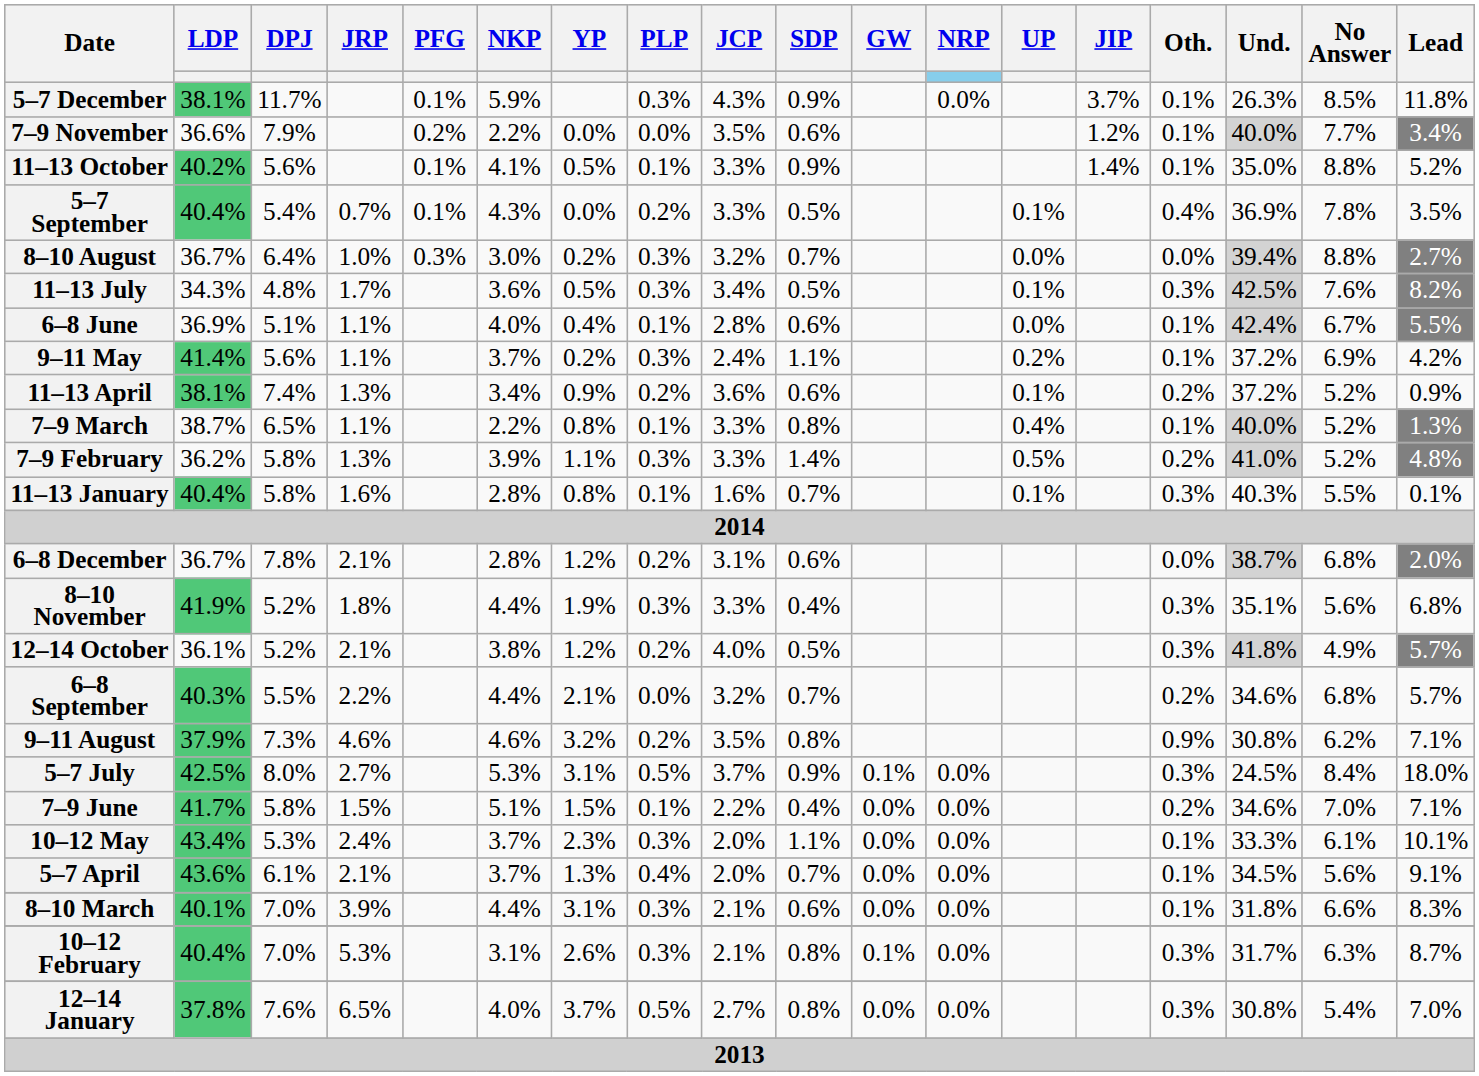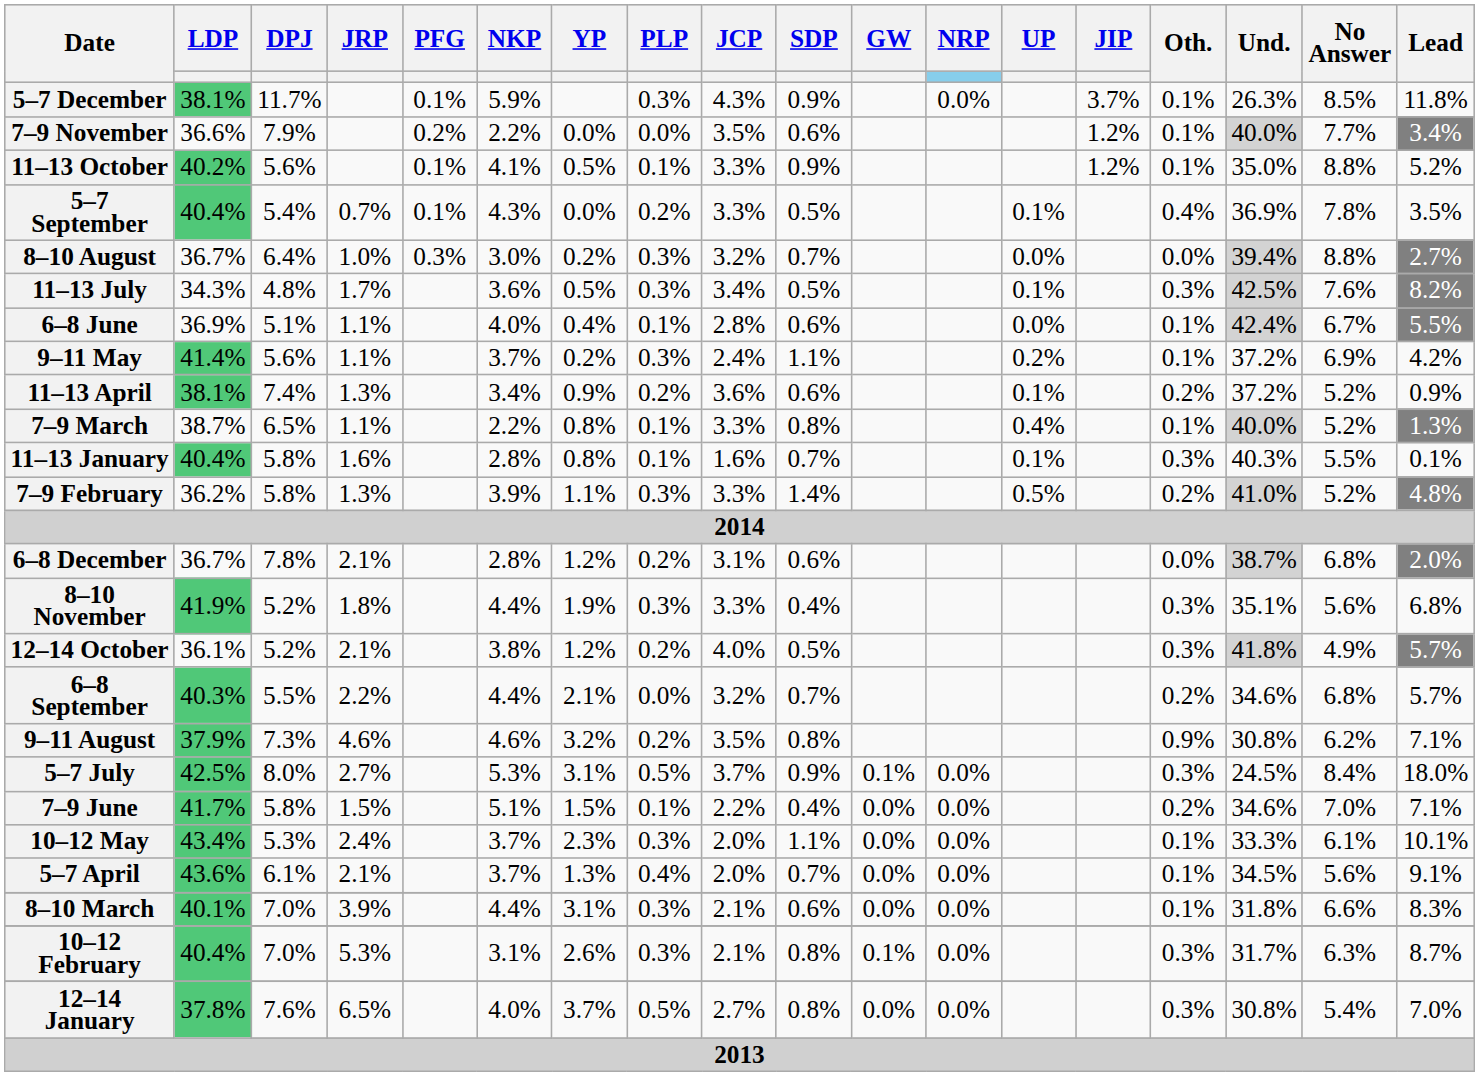 <table class="wikitable collapsible collapsed" style="text-align:center;font-size:100%;line-height:14px">
 <tr style="height:42px;">
 <th style="width:100px;" rowspan="2">Date</th>
 <th style="width:40px;"><a href='#'>LDP</a></th>
 <th style="width:40px;"><a href='#'>DPJ</a></th>
 <th style="width:40px;"><a href='#'>JRP</a></th>
 <th style="width:40px;"><a href='#'>PFG</a></th>
 <th style="width:40px;"><a href='#'>NKP</a></th>
 <th style="width:40px;"><a href='#'>YP</a></th>
 <th style="width:40px;"><a href='#'>PLP</a></th>
 <th style="width:40px;"><a href='#'>JCP</a></th>
 <th style="width:40px;"><a href='#'>SDP</a></th>
 <th style="width:40px;"><a href='#'>GW</a></th>
 <th style="width:40px;"><a href='#'>NRP</a></th>
 <th style="width:40px;"><a href='#'>UP</a></th>
 <th style="width:40px;"><a href='#'>JIP</a></th>
 <th style="width:40px;" rowspan="2">Oth.</th>
 <th style="width:40px;" rowspan="2">Und.</th>
 <th style="width:40px;" rowspan="2">No<br>Answer</th>
 <th style="width:40px;" rowspan="2">Lead</th>
 </tr>
 <tr>
 <th style="color:inherit;background:"></th>
 <th style="color:inherit;background:"></th>
 <th style="color:inherit;background:"></th>
 <th style="color:inherit;background:"></th>
 <th style="color:inherit;background:"></th>
 <th style="color:inherit;background:"></th>
 <th style="color:inherit;background:"></th>
 <th style="color:inherit;background:"></th>
 <th style="color:inherit;background:"></th>
 <th style="color:inherit;background:"></th>
 <th style="color:inherit;background:skyblue"></th>
 <th style="color:inherit;background:"></th>
 <th style="color:inherit;background:"></th>
 </tr>
 <tr>
 <th>5–7 December</th>
 <td style="background:#50C878;">38.1%</td>
 <td>11.7%</td>
 <td></td>
 <td>0.1%</td>
 <td>5.9%</td>
 <td></td>
 <td>0.3%</td>
 <td>4.3%</td>
 <td>0.9%</td>
 <td></td>
 <td>0.0%</td>
 <td></td>
 <td>3.7%</td>
 <td>0.1%</td>
 <td>26.3%</td>
 <td>8.5%</td>
 <td style="background:">11.8%</td>
 </tr>
 <tr class="hintergrundfarbe2" style="text-align:center">
 <th>7–9 November</th>
 <td>36.6%</td>
 <td>7.9%</td>
 <td></td>
 <td>0.2%</td>
 <td>2.2%</td>
 <td>0.0%</td>
 <td>0.0%</td>
 <td>3.5%</td>
 <td>0.6%</td>
 <td></td>
 <td></td>
 <td></td>
 <td>1.2%</td>
 <td>0.1%</td>
 <td style="background:#d3d3d3;">40.0%</td>
 <td>7.7%</td>
 <td style="background:gray; color:white">3.4%</td>
 </tr>
 <tr class="hintergrundfarbe2" style="text-align:center">
 <th>11–13 October</th>
 <td style="background:#50C878;">40.2%</td>
 <td>5.6%</td>
 <td></td>
 <td>0.1%</td>
 <td>4.1%</td>
 <td>0.5%</td>
 <td>0.1%</td>
 <td>3.3%</td>
 <td>0.9%</td>
 <td></td>
 <td></td>
 <td></td>
-<td>1.4%</td>
+<td>1.2%</td>
 <td>0.1%</td>
 <td>35.0%</td>
 <td>8.8%</td>
 <td style="background:">5.2%</td>
 </tr>
 <tr class="hintergrundfarbe2" style="text-align:center">
 <th>5–7 September</th>
 <td style="background:#50C878;">40.4%</td>
 <td>5.4%</td>
 <td>0.7%</td>
 <td>0.1%</td>
 <td>4.3%</td>
 <td>0.0%</td>
 <td>0.2%</td>
 <td>3.3%</td>
 <td>0.5%</td>
 <td></td>
 <td></td>
 <td>0.1%</td>
 <td></td>
 <td>0.4%</td>
 <td>36.9%</td>
 <td>7.8%</td>
 <td style="background:">3.5%</td>
 </tr>
 <tr class="hintergrundfarbe2" style="text-align:center">
 <th>8–10 August</th>
 <td>36.7%</td>
 <td>6.4%</td>
 <td>1.0%</td>
 <td>0.3%</td>
 <td>3.0%</td>
 <td>0.2%</td>
 <td>0.3%</td>
 <td>3.2%</td>
 <td>0.7%</td>
 <td></td>
 <td></td>
 <td>0.0%</td>
 <td></td>
 <td>0.0%</td>
 <td style="background:#d3d3d3;">39.4%</td>
 <td>8.8%</td>
 <td style="background:gray; color:white">2.7%</td>
 </tr>
 <tr class="hintergrundfarbe2" style="text-align:center">
 <th>11–13 July</th>
 <td>34.3%</td>
 <td>4.8%</td>
 <td>1.7%</td>
 <td></td>
 <td>3.6%</td>
 <td>0.5%</td>
 <td>0.3%</td>
 <td>3.4%</td>
 <td>0.5%</td>
 <td></td>
 <td></td>
 <td>0.1%</td>
 <td></td>
 <td>0.3%</td>
 <td style="background:#d3d3d3;">42.5%</td>
 <td>7.6%</td>
 <td style="background:gray; color:white">8.2%</td>
 </tr>
 <tr class="hintergrundfarbe2" style="text-align:center">
 <th>6–8 June</th>
 <td>36.9%</td>
 <td>5.1%</td>
 <td>1.1%</td>
 <td></td>
 <td>4.0%</td>
 <td>0.4%</td>
 <td>0.1%</td>
 <td>2.8%</td>
 <td>0.6%</td>
 <td></td>
 <td></td>
 <td>0.0%</td>
 <td></td>
 <td>0.1%</td>
 <td style="background:#d3d3d3;">42.4%</td>
 <td>6.7%</td>
 <td style="background:gray; color:white">5.5%</td>
 </tr>
 <tr class="hintergrundfarbe2" style="text-align:center">
 <th>9–11 May</th>
 <td style="background:#50C878;">41.4%</td>
 <td>5.6%</td>
 <td>1.1%</td>
 <td></td>
 <td>3.7%</td>
 <td>0.2%</td>
 <td>0.3%</td>
 <td>2.4%</td>
 <td>1.1%</td>
 <td></td>
 <td></td>
 <td>0.2%</td>
 <td></td>
 <td>0.1%</td>
 <td>37.2%</td>
 <td>6.9%</td>
 <td style="background:">4.2%</td>
 </tr>
 <tr class="hintergrundfarbe2" style="text-align:center">
 <th>11–13 April</th>
 <td style="background:#50C878;">38.1%</td>
 <td>7.4%</td>
 <td>1.3%</td>
 <td></td>
 <td>3.4%</td>
 <td>0.9%</td>
 <td>0.2%</td>
 <td>3.6%</td>
 <td>0.6%</td>
 <td></td>
 <td></td>
 <td>0.1%</td>
 <td></td>
 <td>0.2%</td>
 <td>37.2%</td>
 <td>5.2%</td>
 <td style="background:">0.9%</td>
 </tr>
 <tr class="hintergrundfarbe2" style="text-align:center">
 <th>7–9 March</th>
 <td>38.7%</td>
 <td>6.5%</td>
 <td>1.1%</td>
 <td></td>
 <td>2.2%</td>
 <td>0.8%</td>
 <td>0.1%</td>
 <td>3.3%</td>
 <td>0.8%</td>
 <td></td>
 <td></td>
 <td>0.4%</td>
 <td></td>
 <td>0.1%</td>
 <td style="background:#d3d3d3;">40.0%</td>
 <td>5.2%</td>
 <td style="background:gray; color:white">1.3%</td>
 </tr>
 <tr class="hintergrundfarbe2" style="text-align:center">
+<th>11–13 January</th>
+<td style="background:#50C878;">40.4%</td>
+<td>5.8%</td>
+<td>1.6%</td>
+<td></td>
+<td>2.8%</td>
+<td>0.8%</td>
+<td>0.1%</td>
+<td>1.6%</td>
+<td>0.7%</td>
+<td></td>
+<td></td>
+<td>0.1%</td>
+<td></td>
+<td>0.3%</td>
+<td>40.3%</td>
+<td>5.5%</td>
+<td style="background:">0.1%</td>
+</tr>
+<tr class="hintergrundfarbe2" style="text-align:center">
 <th>7–9 February</th>
 <td>36.2%</td>
 <td>5.8%</td>
 <td>1.3%</td>
 <td></td>
 <td>3.9%</td>
 <td>1.1%</td>
 <td>0.3%</td>
 <td>3.3%</td>
 <td>1.4%</td>
 <td></td>
 <td></td>
 <td>0.5%</td>
 <td></td>
 <td>0.2%</td>
 <td style="background:#d3d3d3;">41.0%</td>
 <td>5.2%</td>
 <td style="background:gray; color:white">4.8%</td>
-</tr>
-<tr class="hintergrundfarbe2" style="text-align:center">
-<th>11–13 January</th>
-<td style="background:#50C878;">40.4%</td>
-<td>5.8%</td>
-<td>1.6%</td>
-<td></td>
-<td>2.8%</td>
-<td>0.8%</td>
-<td>0.1%</td>
-<td>1.6%</td>
-<td>0.7%</td>
-<td></td>
-<td></td>
-<td>0.1%</td>
-<td></td>
-<td>0.3%</td>
-<td>40.3%</td>
-<td>5.5%</td>
-<td style="background:">0.1%</td>
 </tr>
 <tr>
 <td colspan="18" style="background:#D0D0D0; color:black"><strong>2014</strong></td>
 </tr>
 <tr class="hintergrundfarbe2" style="text-align:center">
 <th>6–8 December</th>
 <td>36.7%</td>
 <td>7.8%</td>
 <td>2.1%</td>
 <td></td>
 <td>2.8%</td>
 <td>1.2%</td>
 <td>0.2%</td>
 <td>3.1%</td>
 <td>0.6%</td>
 <td></td>
 <td></td>
 <td></td>
 <td></td>
 <td>0.0%</td>
 <td style="background:#d3d3d3;">38.7%</td>
 <td>6.8%</td>
 <td style="background:gray; color:white">2.0%</td>
 </tr>
 <tr class="hintergrundfarbe2" style="text-align:center">
 <th>8–10 November</th>
 <td style="background:#50C878;">41.9%</td>
 <td>5.2%</td>
 <td>1.8%</td>
 <td></td>
 <td>4.4%</td>
 <td>1.9%</td>
 <td>0.3%</td>
 <td>3.3%</td>
 <td>0.4%</td>
 <td></td>
 <td></td>
 <td></td>
 <td></td>
 <td>0.3%</td>
 <td>35.1%</td>
 <td>5.6%</td>
 <td style="background:">6.8%</td>
 </tr>
 <tr class="hintergrundfarbe2" style="text-align:center">
 <th>12–14 October</th>
 <td>36.1%</td>
 <td>5.2%</td>
 <td>2.1%</td>
 <td></td>
 <td>3.8%</td>
 <td>1.2%</td>
 <td>0.2%</td>
 <td>4.0%</td>
 <td>0.5%</td>
 <td></td>
 <td></td>
 <td></td>
 <td></td>
 <td>0.3%</td>
 <td style="background:#d3d3d3;">41.8%</td>
 <td>4.9%</td>
 <td style="background:gray; color:white">5.7%</td>
 </tr>
 <tr class="hintergrundfarbe2" style="text-align:center">
 <th>6–8 September</th>
 <td style="background:#50C878;">40.3%</td>
 <td>5.5%</td>
 <td>2.2%</td>
 <td></td>
 <td>4.4%</td>
 <td>2.1%</td>
 <td>0.0%</td>
 <td>3.2%</td>
 <td>0.7%</td>
 <td></td>
 <td></td>
 <td></td>
 <td></td>
 <td>0.2%</td>
 <td>34.6%</td>
 <td>6.8%</td>
 <td style="background:">5.7%</td>
 </tr>
 <tr class="hintergrundfarbe2" style="text-align:center">
 <th>9–11 August</th>
 <td style="background:#50C878;">37.9%</td>
 <td>7.3%</td>
 <td>4.6%</td>
 <td></td>
 <td>4.6%</td>
 <td>3.2%</td>
 <td>0.2%</td>
 <td>3.5%</td>
 <td>0.8%</td>
 <td></td>
 <td></td>
 <td></td>
 <td></td>
 <td>0.9%</td>
 <td>30.8%</td>
 <td>6.2%</td>
 <td style="background:">7.1%</td>
 </tr>
 <tr class="hintergrundfarbe2" style="text-align:center">
 <th>5–7 July</th>
 <td style="background:#50C878;">42.5%</td>
 <td>8.0%</td>
 <td>2.7%</td>
 <td></td>
 <td>5.3%</td>
 <td>3.1%</td>
 <td>0.5%</td>
 <td>3.7%</td>
 <td>0.9%</td>
 <td>0.1%</td>
 <td>0.0%</td>
 <td></td>
 <td></td>
 <td>0.3%</td>
 <td>24.5%</td>
 <td>8.4%</td>
 <td style="background:">18.0%</td>
 </tr>
 <tr class="hintergrundfarbe2" style="text-align:center">
 <th>7–9 June</th>
 <td style="background:#50C878;">41.7%</td>
 <td>5.8%</td>
 <td>1.5%</td>
 <td></td>
 <td>5.1%</td>
 <td>1.5%</td>
 <td>0.1%</td>
 <td>2.2%</td>
 <td>0.4%</td>
 <td>0.0%</td>
 <td>0.0%</td>
 <td></td>
 <td></td>
 <td>0.2%</td>
 <td>34.6%</td>
 <td>7.0%</td>
 <td style="background:">7.1%</td>
 </tr>
 <tr class="hintergrundfarbe2" style="text-align:center">
 <th>10–12 May</th>
 <td style="background:#50C878;">43.4%</td>
 <td>5.3%</td>
 <td>2.4%</td>
 <td></td>
 <td>3.7%</td>
 <td>2.3%</td>
 <td>0.3%</td>
 <td>2.0%</td>
 <td>1.1%</td>
 <td>0.0%</td>
 <td>0.0%</td>
 <td></td>
 <td></td>
 <td>0.1%</td>
 <td>33.3%</td>
 <td>6.1%</td>
 <td style="background:">10.1%</td>
 </tr>
 <tr class="hintergrundfarbe2" style="text-align:center">
 <th>5–7 April</th>
 <td style="background:#50C878;">43.6%</td>
 <td>6.1%</td>
 <td>2.1%</td>
 <td></td>
 <td>3.7%</td>
 <td>1.3%</td>
 <td>0.4%</td>
 <td>2.0%</td>
 <td>0.7%</td>
 <td>0.0%</td>
 <td>0.0%</td>
 <td></td>
 <td></td>
 <td>0.1%</td>
 <td>34.5%</td>
 <td>5.6%</td>
 <td style="background:">9.1%</td>
 </tr>
 <tr>
 </tr>
 <tr class="hintergrundfarbe2" style="text-align:center">
 <th>8–10 March</th>
 <td style="background:#50C878;">40.1%</td>
 <td>7.0%</td>
 <td>3.9%</td>
 <td></td>
 <td>4.4%</td>
 <td>3.1%</td>
 <td>0.3%</td>
 <td>2.1%</td>
 <td>0.6%</td>
 <td>0.0%</td>
 <td>0.0%</td>
 <td></td>
 <td></td>
 <td>0.1%</td>
 <td>31.8%</td>
 <td>6.6%</td>
 <td style="background:">8.3%</td>
 </tr>
 <tr>
 </tr>
 <tr class="hintergrundfarbe2" style="text-align:center">
 <th>10–12 February</th>
 <td style="background:#50C878;">40.4%</td>
 <td>7.0%</td>
 <td>5.3%</td>
 <td></td>
 <td>3.1%</td>
 <td>2.6%</td>
 <td>0.3%</td>
 <td>2.1%</td>
 <td>0.8%</td>
 <td>0.1%</td>
 <td>0.0%</td>
 <td></td>
 <td></td>
 <td>0.3%</td>
 <td>31.7%</td>
 <td>6.3%</td>
 <td style="background:">8.7%</td>
 </tr>
 <tr>
 </tr>
 <tr class="hintergrundfarbe2" style="text-align:center">
 <th>12–14 January</th>
 <td style="background:#50C878;">37.8%</td>
 <td>7.6%</td>
 <td>6.5%</td>
 <td></td>
 <td>4.0%</td>
 <td>3.7%</td>
 <td>0.5%</td>
 <td>2.7%</td>
 <td>0.8%</td>
 <td>0.0%</td>
 <td>0.0%</td>
 <td></td>
 <td></td>
 <td>0.3%</td>
 <td>30.8%</td>
 <td>5.4%</td>
 <td style="background:">7.0%</td>
 </tr>
 <tr>
 <td colspan="18" style="background:#D0D0D0; color:black"><strong>2013</strong></td>
 </tr>
 </table>
